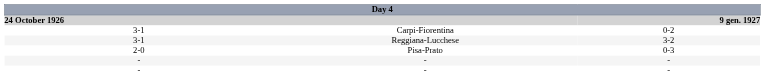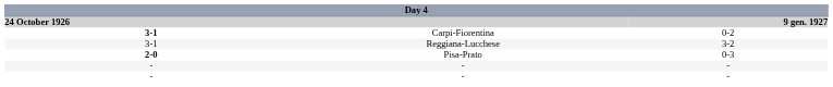 <table border=0 cellspacing=0 cellpadding=0 style="font-size: 85%; border-collapse: collapse;" width=95%>
 <tr>
 <td colspan=5 bgcolor=#98A1B2 style="border:1px solid #7A8392;text-align:center;"><span><strong>Day 4</strong></span></td>
 </tr>
 <tr bgcolor="D3D3D3">
 <th align=left>24 October 1926</th>
 <th></th>
 <th align=right>9 gen. 1927</th>
 </tr>
 <tr align=center bgcolor=#FFFFFF>
-<td>3-1</td>
+<td><strong>3-1</strong></td>
 <td>Carpi-Fiorentina</td>
 <td>0-2</td>
 </tr>
 <tr align=center bgcolor=#F5F5F5>
 <td>3-1</td>
 <td>Reggiana-Lucchese</td>
 <td>3-2</td>
 </tr>
 <tr align=center bgcolor=#FFFFFF>
-<td>2-0</td>
+<td><strong>2-0</strong></td>
 <td>Pisa-Prato</td>
 <td>0-3</td>
 </tr>
 <tr align=center bgcolor=#F5F5F5>
 <td>-</td>
 <td>-</td>
 <td>-</td>
 </tr>
 <tr align=center bgcolor=#FFFFFF>
 <td>-</td>
 <td>-</td>
 <td>-</td>
 </tr>
 </table>
